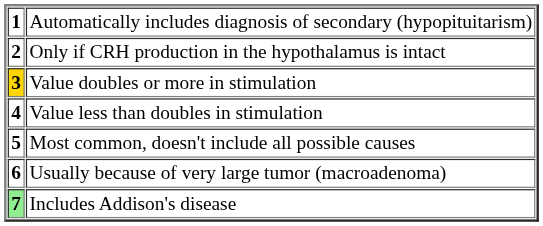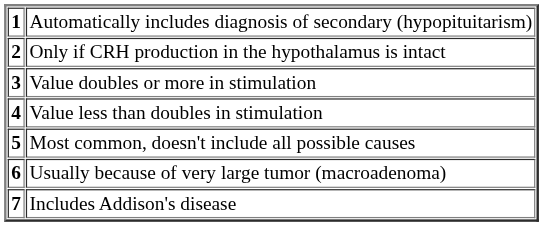 <table border="2" cellspacing="1" cellpadding="2" style="margin:10px;">
 <tr ---->
 <td><strong> 1</strong></td>
 <td>Automatically includes diagnosis of secondary (hypopituitarism)</td>
 </tr>
 <tr ---->
 <td><strong> 2</strong></td>
 <td>Only if CRH production in the hypothalamus is intact</td>
 </tr>
 <tr ---->
-<td style="background: gold;"><strong> 3</strong></td>
+<td><strong> 3</strong></td>
 <td>Value doubles or more in stimulation</td>
 </tr>
 <tr ---->
 <td><strong> 4</strong></td>
 <td>Value less than doubles in stimulation</td>
 </tr>
 <tr ---->
 <td><strong> 5</strong></td>
 <td>Most common, doesn't include all possible causes</td>
 </tr>
 <tr ---->
 <td><strong> 6</strong></td>
 <td>Usually because of very large tumor (macroadenoma)</td>
 </tr>
 <tr ---->
-<td style="background: lightgreen;"><strong> 7</strong></td>
+<td><strong> 7</strong></td>
 <td>Includes Addison's disease</td>
 </tr>
 </table>
